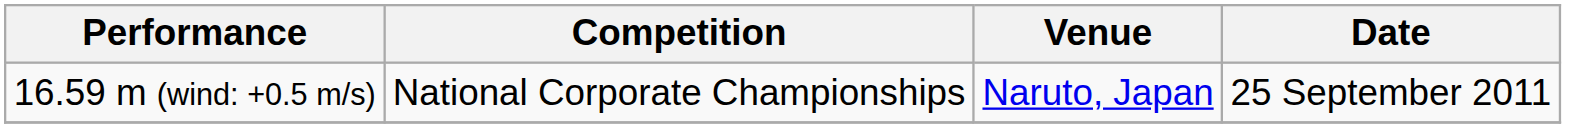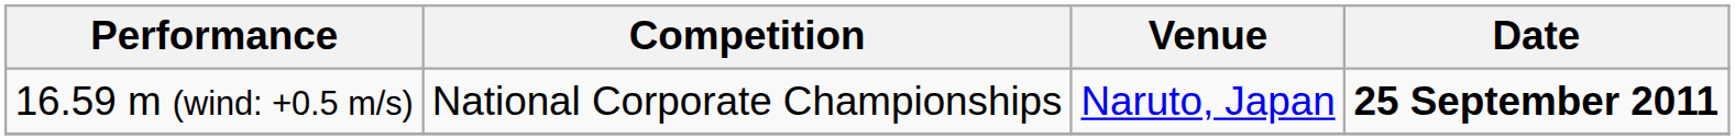 <table class="wikitable" style=text-align:center>
 <tr>
 <th>Performance</th>
 <th>Competition</th>
 <th>Venue</th>
 <th>Date</th>
 </tr>
 <tr>
 <td>16.59 m <small>(wind: +0.5 m/s)</small></td>
 <td>National Corporate Championships</td>
 <td><a href='#'>Naruto, Japan</a></td>
-<td>25 September 2011</td>
+<td><strong>25 September 2011</strong></td>
 </tr>
 <tr>
 </tr>
 </table>
